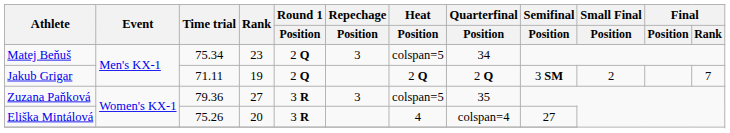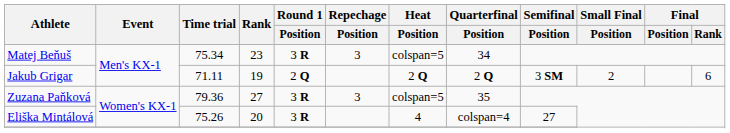 <table class="wikitable" style="font-size:90%">
 <tr>
 <th rowspan=2>Athlete</th>
 <th rowspan=2>Event</th>
 <th rowspan=2>Time trial</th>
 <th rowspan=2>Rank</th>
 <th>Round 1</th>
 <th>Repechage</th>
 <th>Heat</th>
 <th>Quarterfinal</th>
 <th>Semifinal</th>
 <th colspan=1>Small Final</th>
 <th colspan=2>Final</th>
 </tr>
 <tr style="font-size:95%">
 <th>Position</th>
 <th>Position</th>
 <th>Position</th>
 <th>Position</th>
 <th>Position</th>
 <th>Position</th>
 <th>Position</th>
 <th>Rank</th>
 </tr>
 <tr align=center>
 <td align=left><a href='#'>Matej Beňuš</a></td>
 <td align=left rowspan=2><a href='#'>Men's KX-1</a></td>
 <td>75.34</td>
 <td>23</td>
-<td>2 <strong>Q</strong></td>
+<td>3 <strong>R</strong></td>
 <td>3</td>
 <td>colspan=5 </td>
 <td>34</td>
 </tr>
 <tr align=center>
 <td align=left><a href='#'>Jakub Grigar</a></td>
 <td>71.11</td>
 <td>19</td>
 <td>2 <strong>Q</strong></td>
 <td></td>
 <td>2 <strong>Q</strong></td>
 <td>2 <strong>Q</strong></td>
 <td>3 <strong>SM</strong></td>
 <td>2</td>
 <td></td>
-<td>7</td>
+<td>6</td>
 </tr>
 <tr align=center>
 <td align=left><a href='#'>Zuzana Paňková</a></td>
 <td align=left rowspan=2><a href='#'>Women's KX-1</a></td>
 <td>79.36</td>
 <td>27</td>
 <td>3 <strong>R</strong></td>
 <td>3</td>
 <td>colspan=5 </td>
 <td>35</td>
 </tr>
 <tr align=center>
 <td align=left><a href='#'>Eliška Mintálová</a></td>
 <td>75.26</td>
 <td>20</td>
 <td>3 <strong>R</strong></td>
 <td></td>
 <td>4</td>
 <td>colspan=4 </td>
 <td>27</td>
 </tr>
 <tr>
 </tr>
 </table>
